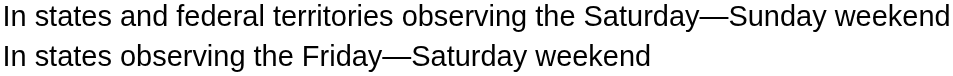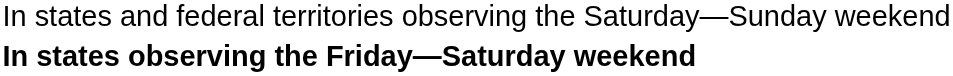 <table>
 <tr>
 <td> In states and federal territories observing the Saturday—Sunday weekend</td>
 </tr>
 <tr>
-<td> In states observing the Friday—Saturday weekend</td>
+<td><strong> In states observing the Friday—Saturday weekend</strong></td>
 </tr>
 <tr>
 </tr>
 </table>
